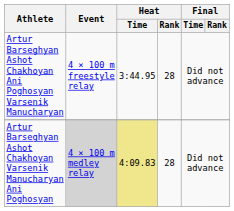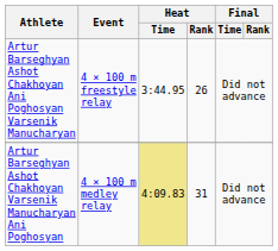 <table class="wikitable" style="text-align:center; font-size:90%; width:30%;">
 <tr>
 <th rowspan="2">Athlete</th>
 <th rowspan="2">Event</th>
 <th colspan="2">Heat</th>
 <th colspan="2">Final</th>
 </tr>
 <tr style="font-size:95%">
 <th>Time</th>
 <th>Rank</th>
 <th>Time</th>
 <th>Rank</th>
 </tr>
 <tr>
 <td align=left><a href='#'>Artur Barseghyan</a> <br><a href='#'>Ashot Chakhoyan</a><br><a href='#'>Ani Poghosyan</a> <br><a href='#'>Varsenik Manucharyan</a></td>
 <td align=left><a href='#'>4 × 100 m freestyle relay</a></td>
 <td>3:44.95</td>
-<td>28</td>
+<td>26</td>
 <td colspan=2>Did not advance</td>
 </tr>
 <tr>
 </tr>
 <tr>
 <td align=left><a href='#'>Artur Barseghyan</a><br><a href='#'>Ashot Chakhoyan</a> <br><a href='#'>Varsenik Manucharyan</a><br><a href='#'>Ani Poghosyan</a></td>
-<td align=left style="background: lightgrey;"><a href='#'>4 × 100 m medley relay</a></td>
+<td align=left><a href='#'>4 × 100 m medley relay</a></td>
 <td style="background: khaki;">4:09.83</td>
-<td>28</td>
+<td>31</td>
 <td colspan="2">Did not advance</td>
 </tr>
 </table>
